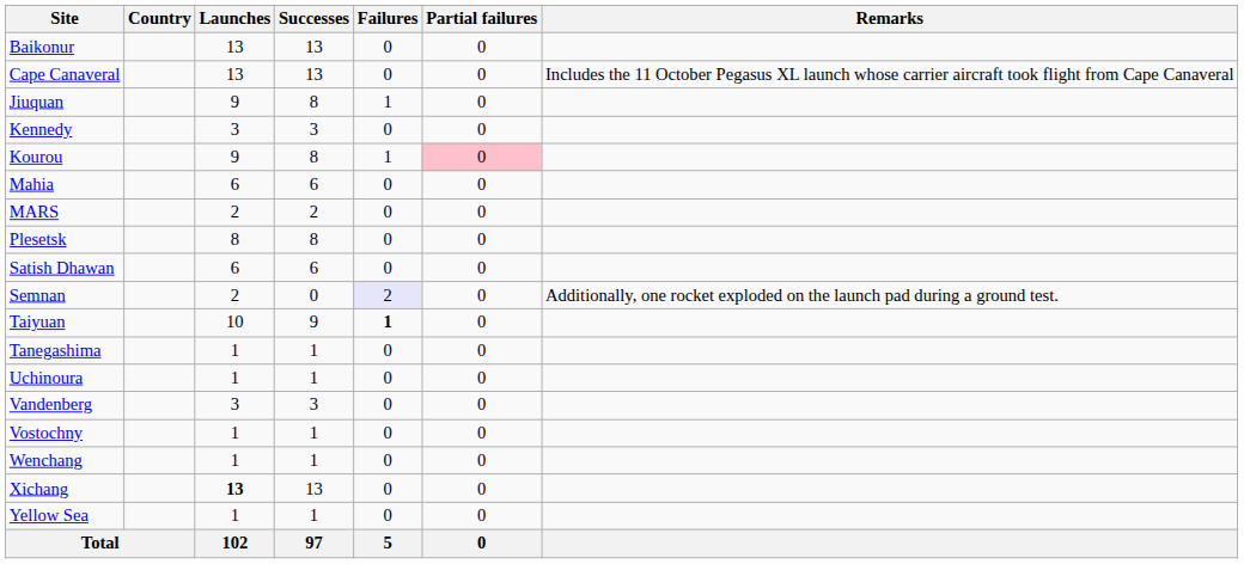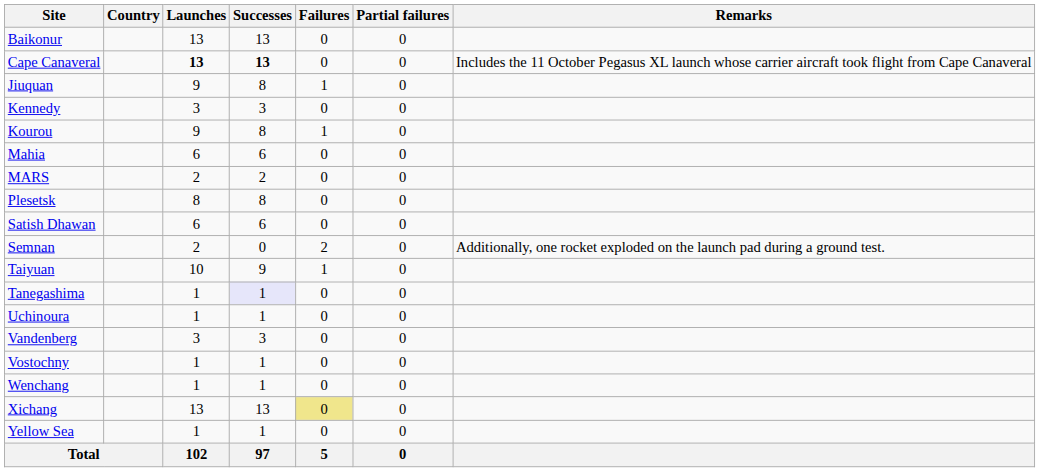 <table class="wikitable sortable" style="text-align:center;">
 <tr>
 <th>Site</th>
 <th>Country</th>
 <th>Launches</th>
 <th>Successes</th>
 <th>Failures</th>
 <th>Partial failures</th>
 <th>Remarks</th>
 </tr>
 <tr>
 <td align=left><a href='#'>Baikonur</a></td>
 <td align=left></td>
 <td>13</td>
 <td>13</td>
 <td>0</td>
 <td>0</td>
 <td></td>
 </tr>
 <tr>
 <td align=left nowrap><a href='#'>Cape Canaveral</a></td>
 <td nowrap align=left></td>
-<td>13</td>
-<td>13</td>
+<td><strong>13</strong></td>
+<td><strong>13</strong></td>
 <td>0</td>
 <td>0</td>
 <td align=left>Includes the 11 October Pegasus XL launch whose carrier aircraft took flight from Cape Canaveral</td>
 </tr>
 <tr>
 <td align=left><a href='#'>Jiuquan</a></td>
 <td align=left></td>
 <td>9</td>
 <td>8</td>
 <td>1</td>
 <td>0</td>
 <td></td>
 </tr>
 <tr>
 <td align=left><a href='#'>Kennedy</a></td>
 <td align=left></td>
 <td>3</td>
 <td>3</td>
 <td>0</td>
 <td>0</td>
 <td></td>
 </tr>
 <tr>
 <td align=left><a href='#'>Kourou</a></td>
 <td align=left></td>
 <td>9</td>
 <td>8</td>
 <td>1</td>
-<td style="background: pink;">0</td>
+<td>0</td>
 <td></td>
 </tr>
 <tr>
 <td align=left><a href='#'>Mahia</a></td>
 <td align=left></td>
 <td>6</td>
 <td>6</td>
 <td>0</td>
 <td>0</td>
 <td></td>
 </tr>
 <tr>
 <td align=left><a href='#'>MARS</a></td>
 <td align=left></td>
 <td>2</td>
 <td>2</td>
 <td>0</td>
 <td>0</td>
 <td></td>
 </tr>
 <tr>
 <td align=left><a href='#'>Plesetsk</a></td>
 <td align=left></td>
 <td>8</td>
 <td>8</td>
 <td>0</td>
 <td>0</td>
 <td></td>
 </tr>
 <tr>
 <td align=left><a href='#'>Satish Dhawan</a></td>
 <td align=left></td>
 <td>6</td>
 <td>6</td>
 <td>0</td>
 <td>0</td>
 <td></td>
 </tr>
 <tr>
 <td align=left><a href='#'>Semnan</a></td>
 <td align=left></td>
 <td>2</td>
 <td>0</td>
-<td style="background: lavender;">2</td>
+<td>2</td>
 <td>0</td>
 <td align=left>Additionally, one rocket exploded on the launch pad during a ground test.</td>
 </tr>
 <tr>
 <td align=left><a href='#'>Taiyuan</a></td>
 <td align=left></td>
 <td>10</td>
 <td>9</td>
-<td><strong>1</strong></td>
+<td>1</td>
 <td>0</td>
 <td></td>
 </tr>
 <tr>
 <td align=left><a href='#'>Tanegashima</a></td>
 <td align=left></td>
 <td>1</td>
-<td>1</td>
+<td style="background: lavender;">1</td>
 <td>0</td>
 <td>0</td>
 <td></td>
 </tr>
 <tr>
 <td align=left><a href='#'>Uchinoura</a></td>
 <td align=left></td>
 <td>1</td>
 <td>1</td>
 <td>0</td>
 <td>0</td>
 <td></td>
 </tr>
 <tr>
 <td align=left><a href='#'>Vandenberg</a></td>
 <td align=left></td>
 <td>3</td>
 <td>3</td>
 <td>0</td>
 <td>0</td>
 <td></td>
 </tr>
 <tr>
 <td align=left><a href='#'>Vostochny</a></td>
 <td align=left></td>
 <td>1</td>
 <td>1</td>
 <td>0</td>
 <td>0</td>
 <td></td>
 </tr>
 <tr>
 <td align=left><a href='#'>Wenchang</a></td>
 <td align=left></td>
 <td>1</td>
 <td>1</td>
 <td>0</td>
 <td>0</td>
 <td></td>
 </tr>
 <tr>
 <td align=left><a href='#'>Xichang</a></td>
 <td align=left></td>
-<td><strong>13</strong></td>
 <td>13</td>
-<td>0</td>
+<td>13</td>
+<td style="background: khaki;">0</td>
 <td>0</td>
 <td></td>
 </tr>
 <tr>
 <td align=left><a href='#'>Yellow Sea</a></td>
 <td align=left></td>
 <td>1</td>
 <td>1</td>
 <td>0</td>
 <td>0</td>
 <td></td>
 </tr>
 <tr class="sortbottom">
 <th colspan=2>Total</th>
 <th>102</th>
 <th>97</th>
 <th>5</th>
 <th>0</th>
 <th></th>
 </tr>
 </table>
